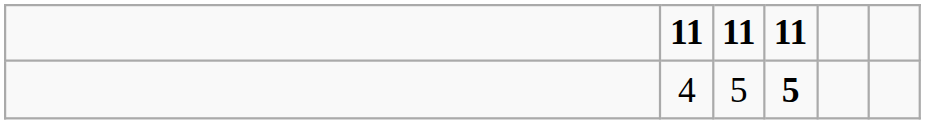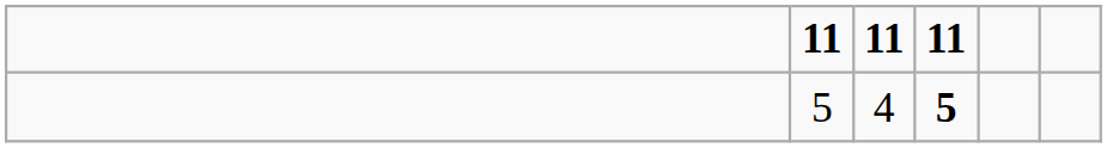 <table class="wikitable">
 <tr>
 <td style="width:18em"><strong></strong></td>
 <td align=center style="width:1em"><strong>11</strong></td>
 <td align=center style="width:1em"><strong>11</strong></td>
 <td align=center style="width:1em"><strong>11</strong></td>
 <td align=center style="width:1em"></td>
 <td align=center style="width:1em"></td>
 </tr>
 <tr>
 <td style="width:18em"></td>
+<td align=center style="width:1em">5</td>
 <td align=center style="width:1em">4</td>
-<td align=center style="width:1em">5</td>
 <td align=center style="width:1em"><strong>5</strong></td>
 <td align=center style="width:1em"></td>
 <td align=center style="width:1em"></td>
 </tr>
 </table>
